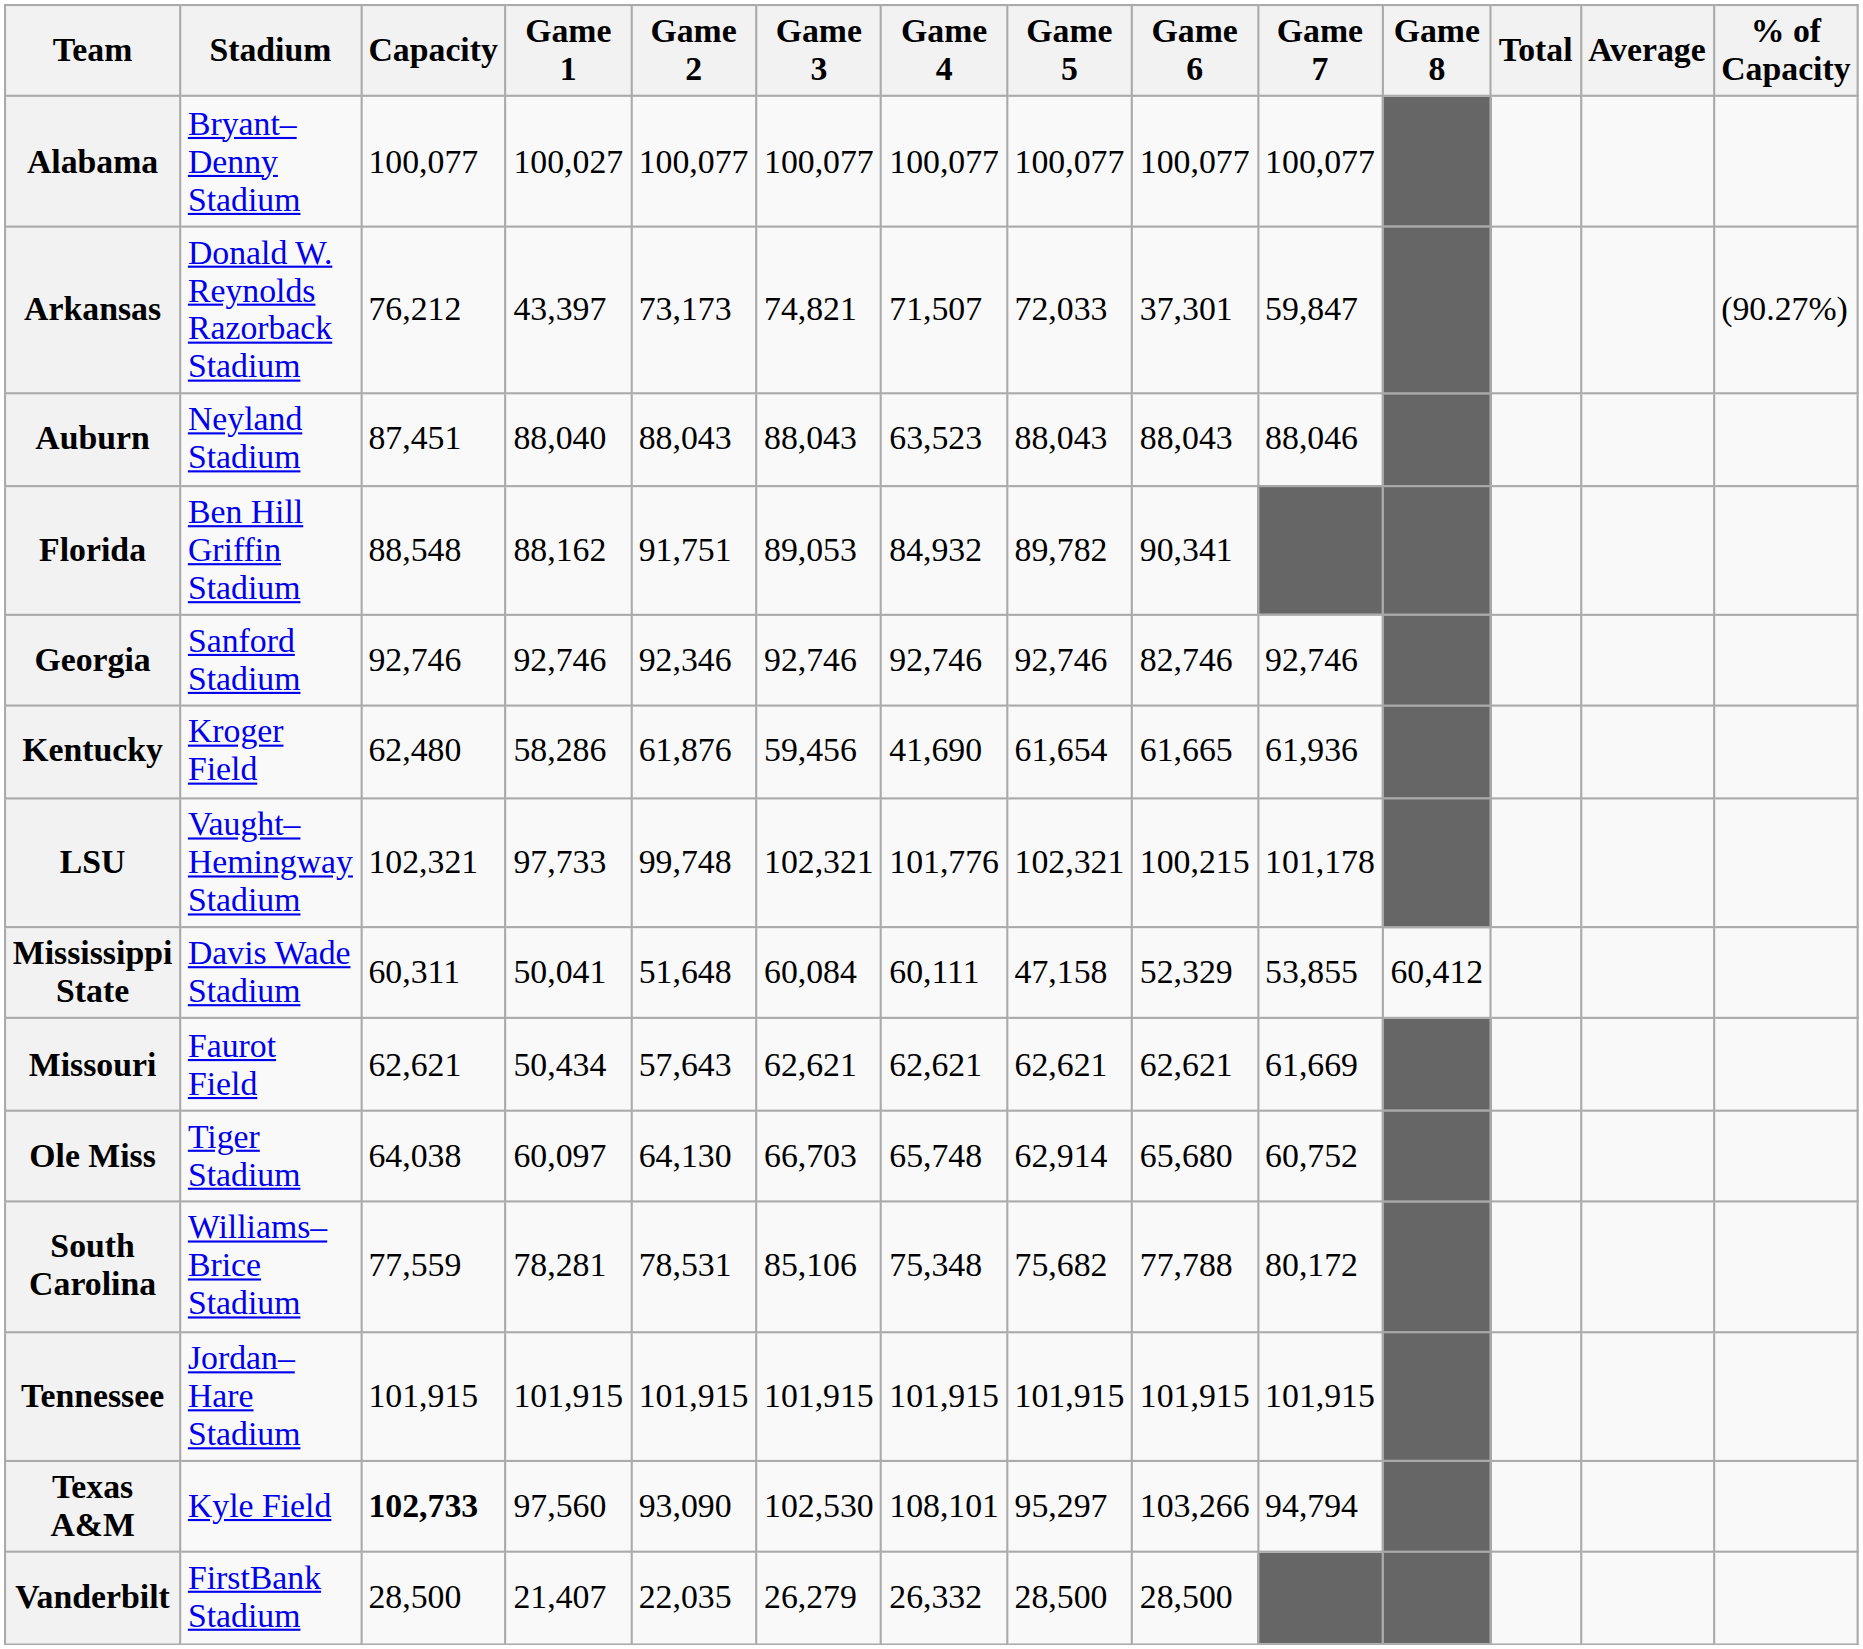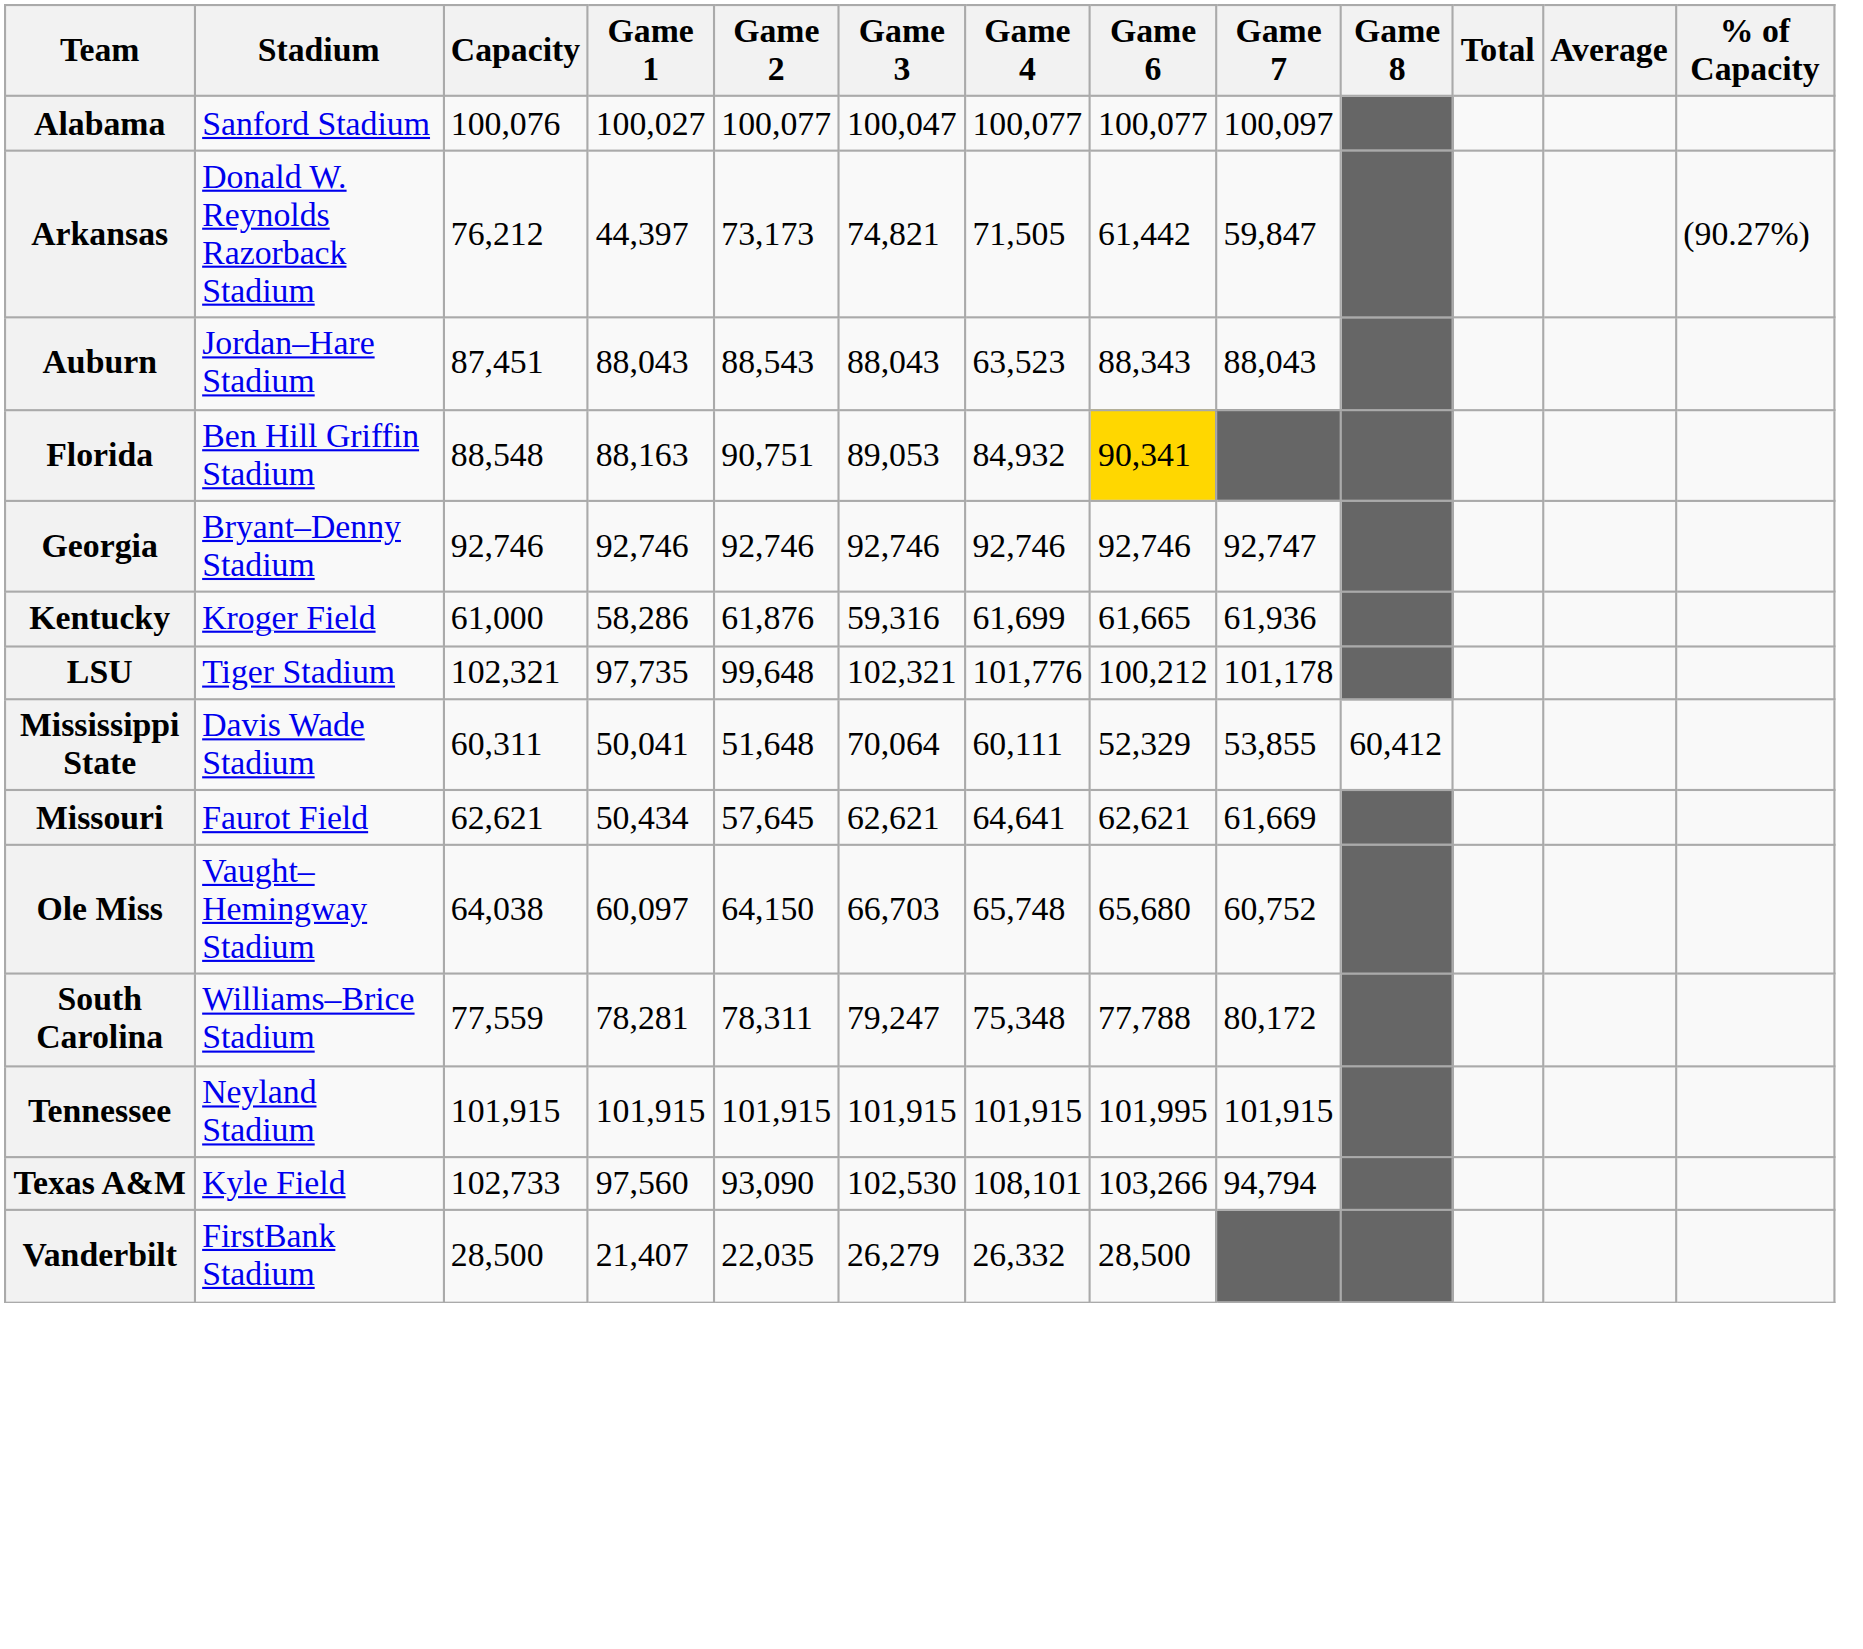 <table class="wikitable sortable">
 <tr>
 <th>Team</th>
 <th>Stadium</th>
 <th>Capacity</th>
 <th>Game 1</th>
 <th>Game 2</th>
 <th>Game 3</th>
 <th>Game 4</th>
-<th>Game 5</th>
 <th>Game 6</th>
 <th>Game 7</th>
 <th>Game 8</th>
 <th>Total</th>
 <th>Average</th>
 <th>% of Capacity</th>
 </tr>
 <tr>
 <th>Alabama</th>
-<td><a href='#'>Bryant–Denny Stadium</a></td>
-<td>100,077</td>
+<td><a href='#'>Sanford Stadium</a></td>
+<td>100,076</td>
 <td>100,027</td>
 <td>100,077</td>
+<td>100,047</td>
 <td>100,077</td>
 <td>100,077</td>
-<td>100,077</td>
-<td>100,077</td>
-<td>100,077</td>
+<td>100,097</td>
 <td style="background:#666666;"></td>
 <td></td>
 <td></td>
 <td></td>
 </tr>
 <tr>
 <th>Arkansas</th>
 <td><a href='#'>Donald W. Reynolds Razorback Stadium</a></td>
 <td>76,212</td>
-<td>43,397</td>
+<td>44,397</td>
 <td>73,173</td>
 <td>74,821</td>
-<td>71,507</td>
-<td>72,033</td>
-<td>37,301</td>
+<td>71,505</td>
+<td>61,442</td>
 <td>59,847</td>
 <td style="background:#666666;"></td>
 <td></td>
 <td></td>
 <td {{Percentage>(90.27%)</td>
 </tr>
 <tr>
 <th>Auburn</th>
-<td><a href='#'>Neyland Stadium</a></td>
+<td><a href='#'>Jordan–Hare Stadium</a></td>
 <td>87,451</td>
-<td>88,040</td>
 <td>88,043</td>
+<td>88,543</td>
 <td>88,043</td>
 <td>63,523</td>
+<td>88,343</td>
 <td>88,043</td>
-<td>88,043</td>
-<td>88,046</td>
 <td style="background:#666666;"></td>
 <td></td>
 <td></td>
 <td></td>
 </tr>
 <tr>
 <th>Florida</th>
 <td><a href='#'>Ben Hill Griffin Stadium</a></td>
 <td>88,548</td>
-<td>88,162</td>
-<td>91,751</td>
+<td>88,163</td>
+<td>90,751</td>
 <td>89,053</td>
 <td>84,932</td>
-<td>89,782</td>
-<td>90,341</td>
+<td style="background: gold;">90,341</td>
 <td style="background:#666666;"></td>
 <td style="background:#666666;"></td>
 <td></td>
 <td></td>
 <td></td>
 </tr>
 <tr>
 <th>Georgia</th>
-<td><a href='#'>Sanford Stadium</a></td>
-<td>92,746</td>
-<td>92,746</td>
-<td>92,346</td>
+<td><a href='#'>Bryant–Denny Stadium</a></td>
 <td>92,746</td>
 <td>92,746</td>
 <td>92,746</td>
-<td>82,746</td>
 <td>92,746</td>
+<td>92,746</td>
+<td>92,746</td>
+<td>92,747</td>
 <td style="background:#666666;"></td>
 <td></td>
 <td></td>
 <td></td>
 </tr>
 <tr>
 <th>Kentucky</th>
 <td><a href='#'>Kroger Field</a></td>
-<td>62,480</td>
+<td>61,000</td>
 <td>58,286</td>
 <td>61,876</td>
-<td>59,456</td>
-<td>41,690</td>
-<td>61,654</td>
+<td>59,316</td>
+<td>61,699</td>
 <td>61,665</td>
 <td>61,936</td>
 <td style="background:#666666;"></td>
 <td></td>
 <td></td>
 <td></td>
 </tr>
 <tr>
 <th>LSU</th>
-<td><a href='#'>Vaught–Hemingway Stadium</a></td>
+<td><a href='#'>Tiger Stadium</a></td>
 <td>102,321</td>
-<td>97,733</td>
-<td>99,748</td>
+<td>97,735</td>
+<td>99,648</td>
 <td>102,321</td>
 <td>101,776</td>
-<td>102,321</td>
-<td>100,215</td>
+<td>100,212</td>
 <td>101,178</td>
 <td style="background:#666666;"></td>
 <td></td>
 <td></td>
 <td></td>
 </tr>
 <tr>
 <th>Mississippi State</th>
 <td><a href='#'>Davis Wade Stadium</a></td>
 <td>60,311</td>
 <td>50,041</td>
 <td>51,648</td>
-<td>60,084</td>
+<td>70,064</td>
 <td>60,111</td>
-<td>47,158</td>
 <td>52,329</td>
 <td>53,855</td>
 <td>60,412</td>
 <td></td>
 <td></td>
 <td></td>
 </tr>
 <tr>
 <th>Missouri</th>
 <td><a href='#'>Faurot Field</a></td>
 <td>62,621</td>
 <td>50,434</td>
-<td>57,643</td>
+<td>57,645</td>
 <td>62,621</td>
-<td>62,621</td>
-<td>62,621</td>
+<td>64,641</td>
 <td>62,621</td>
 <td>61,669</td>
 <td style="background:#666666;"></td>
 <td></td>
 <td></td>
 <td></td>
 </tr>
 <tr>
 <th>Ole Miss</th>
-<td><a href='#'>Tiger Stadium</a></td>
+<td><a href='#'>Vaught–Hemingway Stadium</a></td>
 <td>64,038</td>
 <td>60,097</td>
-<td>64,130</td>
+<td>64,150</td>
 <td>66,703</td>
 <td>65,748</td>
-<td>62,914</td>
 <td>65,680</td>
 <td>60,752</td>
 <td style="background:#666666;"></td>
 <td></td>
 <td></td>
 <td></td>
 </tr>
 <tr>
 <th>South Carolina</th>
 <td><a href='#'>Williams–Brice Stadium</a></td>
 <td>77,559</td>
 <td>78,281</td>
-<td>78,531</td>
-<td>85,106</td>
+<td>78,311</td>
+<td>79,247</td>
 <td>75,348</td>
-<td>75,682</td>
 <td>77,788</td>
 <td>80,172</td>
 <td style="background:#666666;"></td>
 <td></td>
 <td></td>
 <td></td>
 </tr>
 <tr>
 <th>Tennessee</th>
-<td><a href='#'>Jordan–Hare Stadium</a></td>
+<td><a href='#'>Neyland Stadium</a></td>
 <td>101,915</td>
 <td>101,915</td>
 <td>101,915</td>
 <td>101,915</td>
 <td>101,915</td>
-<td>101,915</td>
-<td>101,915</td>
+<td>101,995</td>
 <td>101,915</td>
 <td style="background:#666666;"></td>
 <td></td>
 <td></td>
 <td></td>
 </tr>
 <tr>
 <th>Texas A&M</th>
 <td><a href='#'>Kyle Field</a></td>
-<td><strong>102,733</strong></td>
+<td>102,733</td>
 <td>97,560</td>
 <td>93,090</td>
 <td>102,530</td>
 <td>108,101</td>
-<td>95,297</td>
 <td>103,266</td>
 <td>94,794</td>
 <td style="background:#666666;"></td>
 <td></td>
 <td></td>
 <td></td>
 </tr>
 <tr>
 <th>Vanderbilt</th>
 <td><a href='#'>FirstBank Stadium</a></td>
 <td>28,500</td>
 <td>21,407</td>
 <td>22,035</td>
 <td>26,279</td>
 <td>26,332</td>
 <td>28,500</td>
-<td>28,500</td>
 <td style="background:#666666;"></td>
 <td style="background:#666666;"></td>
 <td></td>
 <td></td>
 <td></td>
 </tr>
 </table>
